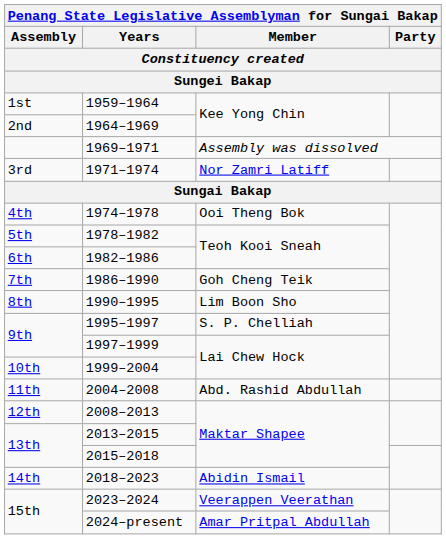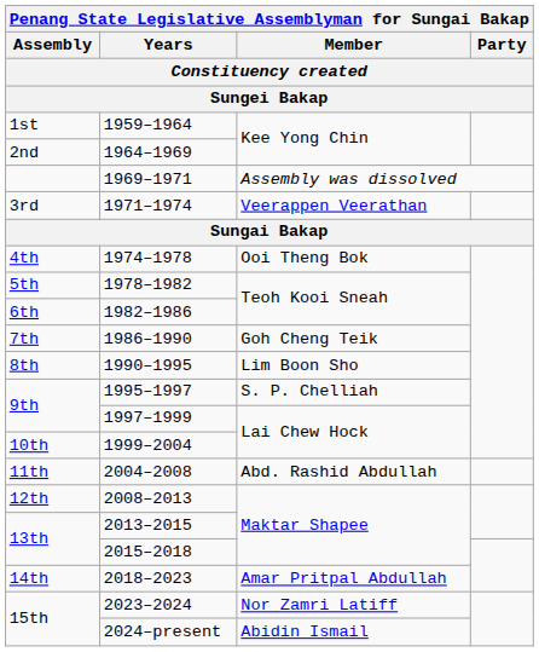 <table class="wikitable">
 <tr>
 <th colspan="4"><a href='#'>Penang State Legislative Assemblyman</a> for Sungai Bakap</th>
 </tr>
 <tr>
 <th>Assembly</th>
 <th>Years</th>
 <th>Member</th>
 <th>Party</th>
 </tr>
 <tr>
 <th colspan="4" align="center"><em>Constituency created</em></th>
 </tr>
 <tr>
 <th colspan="4">Sungei Bakap</th>
 </tr>
 <tr>
 <td>1st</td>
 <td>1959–1964</td>
 <td rowspan="2">Kee Yong Chin</td>
 <td rowspan="2"></td>
 </tr>
 <tr>
 <td>2nd</td>
 <td>1964–1969</td>
 </tr>
 <tr>
 <td></td>
 <td>1969–1971</td>
 <td colspan="2"><em>Assembly was dissolved</em></td>
 </tr>
 <tr>
 <td>3rd</td>
 <td>1971–1974</td>
-<td><a href='#'>Nor Zamri Latiff</a></td>
+<td><a href='#'>Veerappen Veerathan</a></td>
 <td></td>
 </tr>
 <tr>
 <th colspan="4">Sungai Bakap</th>
 </tr>
 <tr>
 <td><a href='#'>4th</a></td>
 <td>1974–1978</td>
 <td>Ooi Theng Bok</td>
 <td rowspan="8"></td>
 </tr>
 <tr>
 <td><a href='#'>5th</a></td>
 <td>1978–1982</td>
 <td rowspan="2">Teoh Kooi Sneah</td>
 </tr>
 <tr>
 <td><a href='#'>6th</a></td>
 <td>1982–1986</td>
 </tr>
 <tr>
 <td><a href='#'>7th</a></td>
 <td>1986–1990</td>
 <td>Goh Cheng Teik</td>
 </tr>
 <tr>
 <td><a href='#'>8th</a></td>
 <td>1990–1995</td>
 <td>Lim Boon Sho</td>
 </tr>
 <tr>
 <td rowspan="2"><a href='#'>9th</a></td>
 <td>1995–1997</td>
 <td>S. P. Chelliah</td>
 </tr>
 <tr>
 <td>1997–1999</td>
 <td rowspan="2">Lai Chew Hock</td>
 </tr>
 <tr>
 <td><a href='#'>10th</a></td>
 <td>1999–2004</td>
 </tr>
 <tr>
 <td><a href='#'>11th</a></td>
 <td>2004–2008</td>
 <td>Abd. Rashid Abdullah</td>
 <td></td>
 </tr>
 <tr>
 <td><a href='#'>12th</a></td>
 <td>2008–2013</td>
 <td rowspan=3><a href='#'>Maktar Shapee</a></td>
 <td rowspan=2></td>
 </tr>
 <tr>
 <td rowspan=2><a href='#'>13th</a></td>
 <td>2013–2015</td>
 </tr>
 <tr>
 <td>2015–2018</td>
 <td rowspan=2></td>
 </tr>
 <tr>
 <td><a href='#'>14th</a></td>
 <td>2018–2023</td>
-<td><a href='#'>Abidin Ismail</a></td>
+<td><a href='#'>Amar Pritpal Abdullah</a></td>
 </tr>
 <tr>
 <td rowspan="2">15th</td>
 <td>2023–2024</td>
-<td><a href='#'>Veerappen Veerathan</a></td>
+<td><a href='#'>Nor Zamri Latiff</a></td>
 <td rowspan=2></td>
 </tr>
 <tr>
 <td>2024–present</td>
-<td><a href='#'>Amar Pritpal Abdullah</a></td>
+<td><a href='#'>Abidin Ismail</a></td>
 </tr>
 </table>
